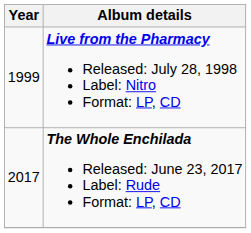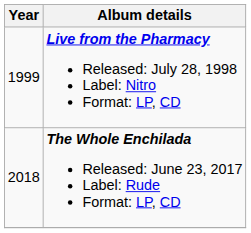 <table class ="wikitable">
 <tr>
 <th>Year</th>
 <th>Album details</th>
 </tr>
 <tr>
 <td>1999</td>
 <td><strong><em><a href='#'>Live from the Pharmacy</a></em></strong><br><ul><li>Released: July 28, 1998</li><li>Label: <a href='#'>Nitro</a></li><li>Format: <a href='#'>LP</a>, <a href='#'>CD</a></li></ul></td>
 </tr>
 <tr>
-<td>2017</td>
+<td>2018</td>
 <td><strong><em>The Whole Enchilada</em></strong><br><ul><li>Released: June 23, 2017</li><li>Label: <a href='#'>Rude</a></li><li>Format: <a href='#'>LP</a>, <a href='#'>CD</a></li></ul></td>
 </tr>
 <tr>
 </tr>
 </table>
